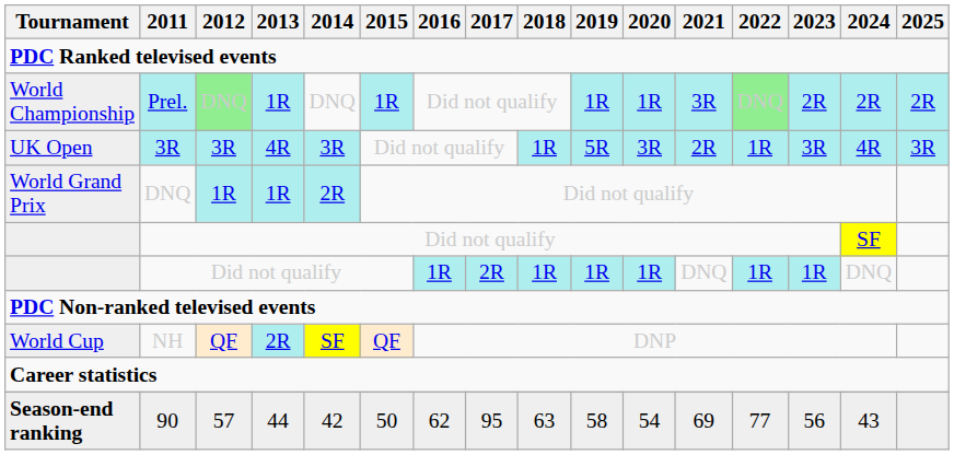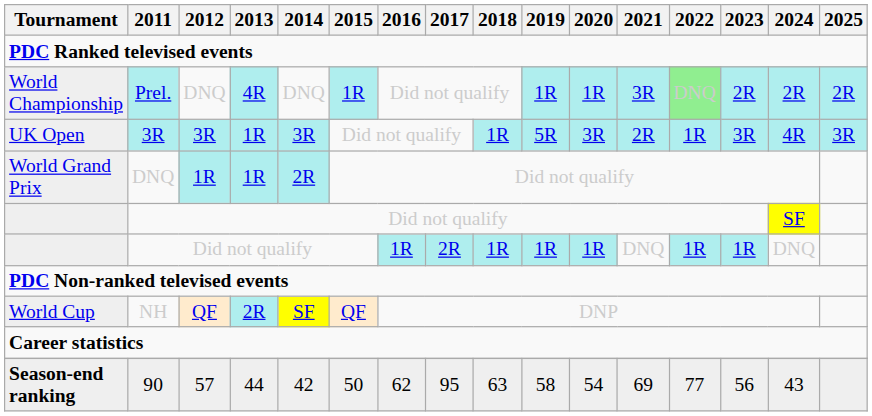 <table class="wikitable" style="width:20%; margin:0">
 <tr>
 <th>Tournament</th>
 <th>2011</th>
 <th>2012</th>
 <th>2013</th>
 <th>2014</th>
 <th>2015</th>
 <th>2016</th>
 <th>2017</th>
 <th>2018</th>
 <th>2019</th>
 <th>2020</th>
 <th>2021</th>
 <th>2022</th>
 <th>2023</th>
 <th>2024</th>
 <th>2025</th>
 </tr>
 <tr>
 <td colspan="25" align="left"><strong><a href='#'>PDC</a> Ranked televised events</strong></td>
 </tr>
 <tr>
 <td style="background:#efefef;"><a href='#'>World Championship</a></td>
 <td style="text-align:center; background:#afeeee;"><a href='#'>Prel.</a></td>
-<td style="background: lightgreen; text-align:center; color:#ccc;">DNQ</td>
-<td style="text-align:center; background:#afeeee;"><a href='#'>1R</a></td>
+<td style="text-align:center; color:#ccc;">DNQ</td>
+<td style="text-align:center; background:#afeeee;"><a href='#'>4R</a></td>
 <td style="text-align:center; color:#ccc;">DNQ</td>
 <td style="text-align:center; background:#afeeee;"><a href='#'>1R</a></td>
 <td colspan="3" style="text-align:center; color:#ccc;">Did not qualify</td>
 <td style="text-align:center; background:#afeeee;"><a href='#'>1R</a></td>
 <td style="text-align:center; background:#afeeee;"><a href='#'>1R</a></td>
 <td style="text-align:center; background:#afeeee;"><a href='#'>3R</a></td>
 <td style="background: lightgreen; text-align:center; color:#ccc;">DNQ</td>
 <td style="text-align:center; background:#afeeee;"><a href='#'>2R</a></td>
 <td style="text-align:center; background:#afeeee;"><a href='#'>2R</a></td>
 <td style="text-align:center; background:#afeeee;"><a href='#'>2R</a></td>
 </tr>
 <tr>
 <td style="background:#efefef;"><a href='#'>UK Open</a></td>
 <td style="text-align:center; background:#afeeee;"><a href='#'>3R</a></td>
 <td style="text-align:center; background:#afeeee;"><a href='#'>3R</a></td>
-<td style="text-align:center; background:#afeeee;"><a href='#'>4R</a></td>
+<td style="text-align:center; background:#afeeee;"><a href='#'>1R</a></td>
 <td style="text-align:center; background:#afeeee;"><a href='#'>3R</a></td>
 <td colspan="3" style="text-align:center; color:#ccc;">Did not qualify</td>
 <td style="text-align:center; background:#afeeee;"><a href='#'>1R</a></td>
 <td style="text-align:center; background:#afeeee;"><a href='#'>5R</a></td>
 <td style="text-align:center; background:#afeeee;"><a href='#'>3R</a></td>
 <td style="text-align:center; background:#afeeee;"><a href='#'>2R</a></td>
 <td style="text-align:center; background:#afeeee;"><a href='#'>1R</a></td>
 <td style="text-align:center; background:#afeeee;"><a href='#'>3R</a></td>
 <td style="text-align:center; background:#afeeee;"><a href='#'>4R</a></td>
 <td style="text-align:center; background:#afeeee;"><a href='#'>3R</a></td>
 </tr>
 <tr>
 <td style="background:#efefef;"><a href='#'>World Grand Prix</a></td>
 <td style="text-align:center; color:#ccc;">DNQ</td>
 <td style="text-align:center; background:#afeeee;"><a href='#'>1R</a></td>
 <td style="text-align:center; background:#afeeee;"><a href='#'>1R</a></td>
 <td style="text-align:center; background:#afeeee;"><a href='#'>2R</a></td>
 <td colspan="10" style="text-align:center; color:#ccc;">Did not qualify</td>
 <td></td>
 </tr>
 <tr>
 <td style="background:#efefef;"></td>
 <td colspan="13" style="text-align:center; color:#ccc;">Did not qualify</td>
 <td style="text-align:center; background:yellow;"><a href='#'>SF</a></td>
 <td></td>
 </tr>
 <tr>
 <td style="background:#efefef;"></td>
 <td colspan="5" style="text-align:center; color:#ccc;">Did not qualify</td>
 <td style="text-align:center; background:#afeeee;"><a href='#'>1R</a></td>
 <td style="text-align:center; background:#afeeee;"><a href='#'>2R</a></td>
 <td style="text-align:center; background:#afeeee;"><a href='#'>1R</a></td>
 <td style="text-align:center; background:#afeeee;"><a href='#'>1R</a></td>
 <td style="text-align:center; background:#afeeee;"><a href='#'>1R</a></td>
 <td style="text-align:center; color:#ccc;">DNQ</td>
 <td style="text-align:center; background:#afeeee;"><a href='#'>1R</a></td>
 <td style="text-align:center; background:#afeeee;"><a href='#'>1R</a></td>
 <td style="text-align:center; color:#ccc;">DNQ</td>
 <td></td>
 </tr>
 <tr>
 <td colspan="25" align="left"><strong><a href='#'>PDC</a> Non-ranked televised events</strong></td>
 </tr>
 <tr>
 <td style="background:#efefef;"><a href='#'>World Cup</a></td>
 <td style="text-align:center; color:#ccc;">NH</td>
 <td style="text-align:center; background:#ffebcd;"><a href='#'>QF</a></td>
 <td style="text-align:center; background:#afeeee;"><a href='#'>2R</a></td>
 <td style="text-align:center; background:yellow;"><a href='#'>SF</a></td>
 <td style="text-align:center; background:#ffebcd;"><a href='#'>QF</a></td>
 <td colspan="9" style="text-align:center; color:#ccc;">DNP</td>
 <td></td>
 </tr>
 <tr>
 <td colspan="20" align="left"><strong>Career statistics</strong></td>
 </tr>
 <tr>
 </tr>
 <tr bgcolor="efefef">
 <td align="left"><strong>Season-end ranking</strong></td>
 <td style="text-align:center;">90</td>
 <td style="text-align:center;">57</td>
 <td style="text-align:center;">44</td>
 <td style="text-align:center;">42</td>
 <td style="text-align:center;">50</td>
 <td style="text-align:center;">62</td>
 <td style="text-align:center;">95</td>
 <td style="text-align:center;">63</td>
 <td style="text-align:center;">58</td>
 <td style="text-align:center;">54</td>
 <td style="text-align:center;">69</td>
 <td style="text-align:center;">77</td>
 <td style="text-align:center;">56</td>
 <td style="text-align:center;">43</td>
 <td></td>
 </tr>
 </table>
